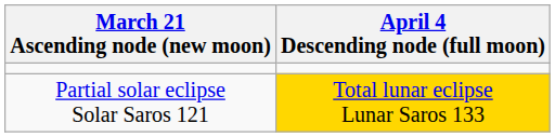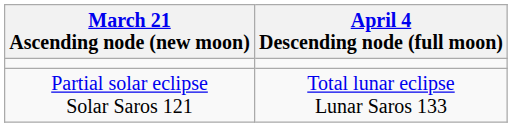 <table class="wikitable">
 <tr>
 <th><a href='#'>March 21</a><br>Ascending node (new moon)<br></th>
 <th><a href='#'>April 4</a><br>Descending node (full moon)<br></th>
 </tr>
 <tr>
 <td></td>
 <td></td>
 </tr>
 <tr align=center>
 <td><a href='#'>Partial solar eclipse</a><br>Solar Saros 121</td>
-<td style="background: gold;"><a href='#'>Total lunar eclipse</a><br>Lunar Saros 133</td>
+<td><a href='#'>Total lunar eclipse</a><br>Lunar Saros 133</td>
 </tr>
 </table>
